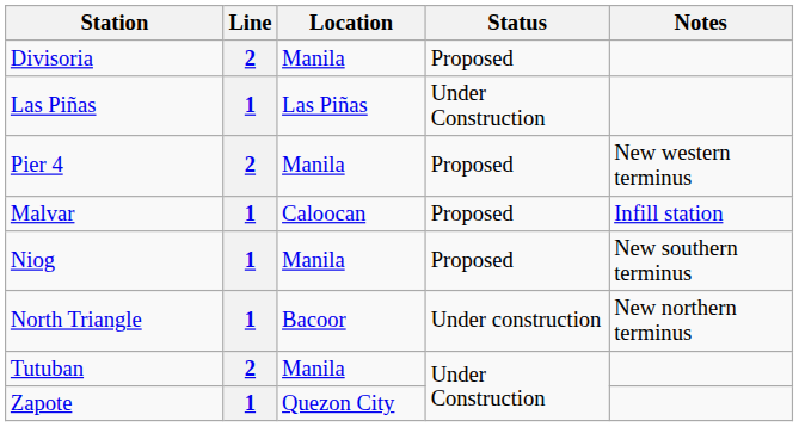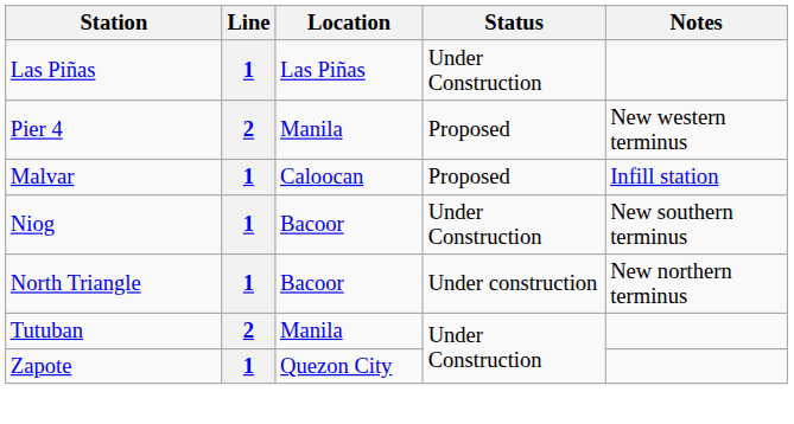 <table class="wikitable sortable">
 <tr>
 <th width=150>Station</th>
 <th class=unsortable width=25>Line</th>
 <th width=100>Location</th>
 <th width="125">Status</th>
 <th width="125">Notes</th>
-</tr>
-<tr>
-<td><a href='#'>Divisoria</a></td>
-<th style="background-color:#"><a href='#'><span>2</span></a></th>
-<td><a href='#'>Manila</a></td>
-<td>Proposed</td>
-<td></td>
 </tr>
 <tr>
 <td><a href='#'>Las Piñas</a></td>
 <th style="background-color:#"><a href='#'><span>1</span></a></th>
 <td><a href='#'>Las Piñas</a></td>
 <td>Under Construction</td>
 <td></td>
 </tr>
 <tr>
 <td><a href='#'>Pier 4</a></td>
 <th style="background-color:#"><a href='#'><span>2</span></a></th>
 <td><a href='#'>Manila</a></td>
 <td>Proposed</td>
 <td>New western terminus</td>
 </tr>
 <tr>
 <td><a href='#'>Malvar</a></td>
 <th style="background-color:#"><a href='#'><span>1</span></a></th>
 <td><a href='#'>Caloocan</a></td>
 <td>Proposed</td>
 <td><a href='#'>Infill station</a></td>
 </tr>
 <tr>
 <td><a href='#'>Niog</a></td>
 <th style="background-color:#"><a href='#'><span>1</span></a></th>
-<td><a href='#'>Manila</a></td>
-<td>Proposed</td>
+<td><a href='#'>Bacoor</a></td>
+<td>Under Construction</td>
 <td>New southern terminus</td>
 </tr>
 <tr>
 <td><a href='#'>North Triangle</a></td>
 <th style="background-color:#"><a href='#'><span>1</span></a></th>
 <td><a href='#'>Bacoor</a></td>
 <td rowspan="1">Under construction</td>
 <td>New northern terminus</td>
 </tr>
 <tr>
 <td><a href='#'>Tutuban</a></td>
 <th style="background-color:#"><a href='#'><span>2</span></a></th>
 <td><a href='#'>Manila</a></td>
 <td rowspan="2">Under Construction</td>
 <td></td>
 </tr>
 <tr>
 <td><a href='#'>Zapote</a></td>
 <th style="background-color:#"><a href='#'><span>1</span></a></th>
 <td><a href='#'>Quezon City</a></td>
 <td></td>
 </tr>
 </table>
